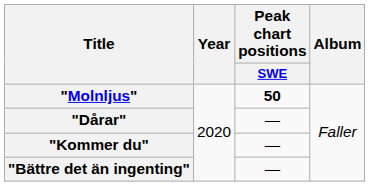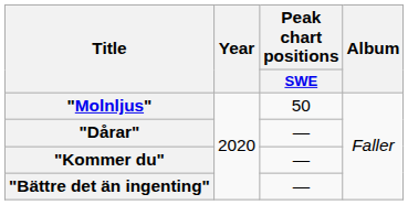 <table class="wikitable plainrowheaders" style="text-align:center;">
 <tr>
 <th scope="col" rowspan="2">Title</th>
 <th scope="col" rowspan="2">Year</th>
 <th scope="col" colspan="1">Peak chart positions</th>
 <th scope="col" rowspan="2">Album</th>
 </tr>
 <tr>
 <th scope="col" style="width:3em;font-size:85%;"><a href='#'>SWE</a><br></th>
 </tr>
 <tr>
 <th scope="row">"<a href='#'>Molnljus</a>"</th>
 <td rowspan="4">2020</td>
-<td><strong>50</strong></td>
+<td>50</td>
 <td rowspan="4"><em>Faller</em></td>
 </tr>
 <tr>
 <th scope="row">"Dårar"</th>
 <td>—</td>
 </tr>
 <tr>
 <th scope="row">"Kommer du"</th>
 <td>—</td>
 </tr>
 <tr>
 <th scope="row">"Bättre det än ingenting"</th>
 <td>—</td>
 </tr>
 </table>
